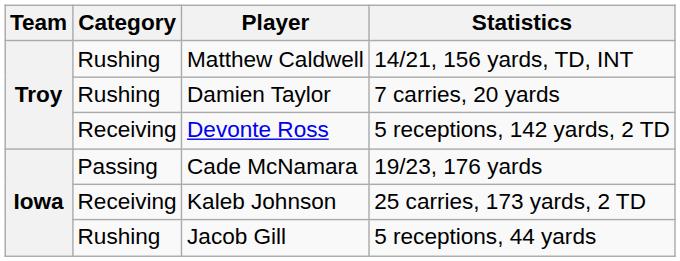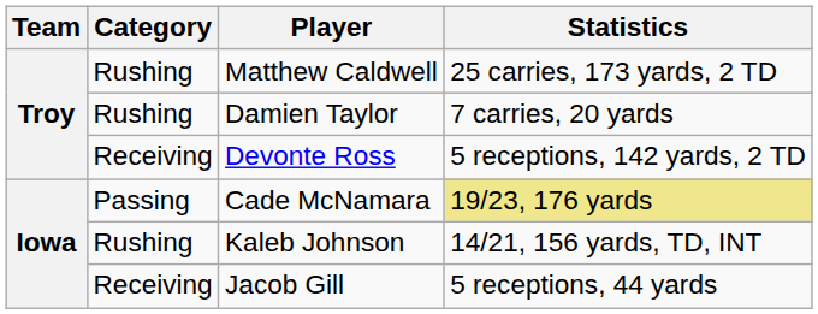 <table class="wikitable" style="float:right">
 <tr>
 <th>Team</th>
 <th>Category</th>
 <th>Player</th>
 <th>Statistics</th>
 </tr>
 <tr>
 <th rowspan=3>Troy</th>
 <td>Rushing</td>
 <td>Matthew Caldwell</td>
-<td>14/21, 156 yards, TD, INT</td>
+<td>25 carries, 173 yards, 2 TD</td>
 </tr>
 <tr>
 <td>Rushing</td>
 <td>Damien Taylor</td>
 <td>7 carries, 20 yards</td>
 </tr>
 <tr>
 <td>Receiving</td>
 <td><a href='#'>Devonte Ross</a></td>
 <td>5 receptions, 142 yards, 2 TD</td>
 </tr>
 <tr>
 <th rowspan=3>Iowa</th>
 <td>Passing</td>
 <td>Cade McNamara</td>
-<td>19/23, 176 yards</td>
+<td style="background: khaki;">19/23, 176 yards</td>
+</tr>
+<tr>
+<td>Rushing</td>
+<td>Kaleb Johnson</td>
+<td>14/21, 156 yards, TD, INT</td>
 </tr>
 <tr>
 <td>Receiving</td>
-<td>Kaleb Johnson</td>
-<td>25 carries, 173 yards, 2 TD</td>
-</tr>
-<tr>
-<td>Rushing</td>
 <td>Jacob Gill</td>
 <td>5 receptions, 44 yards</td>
 </tr>
 </table>
